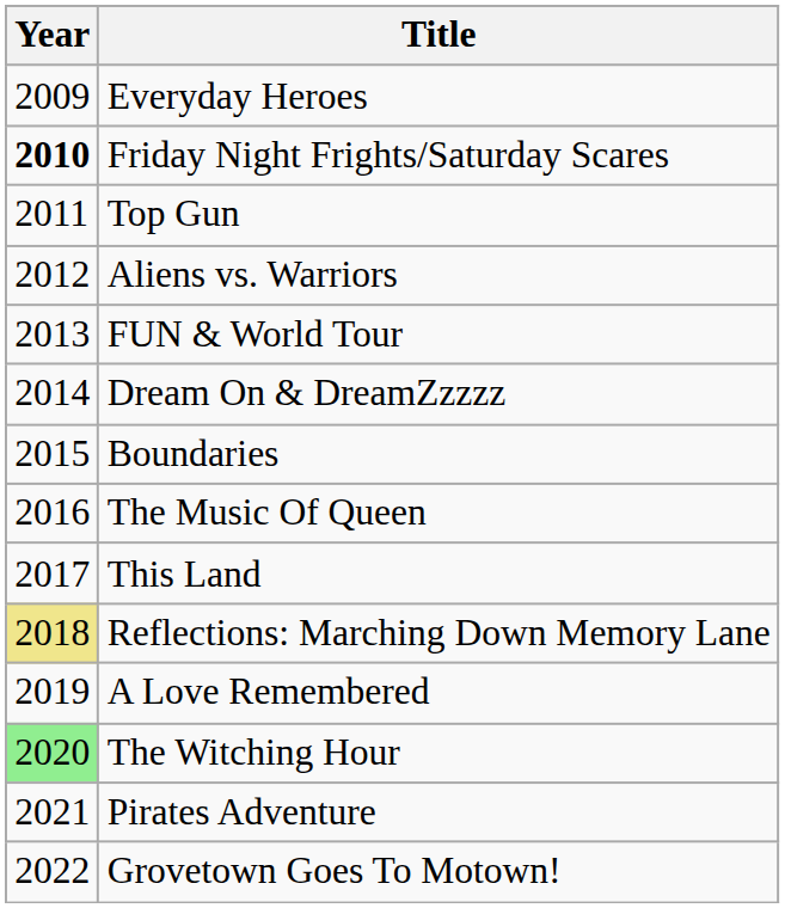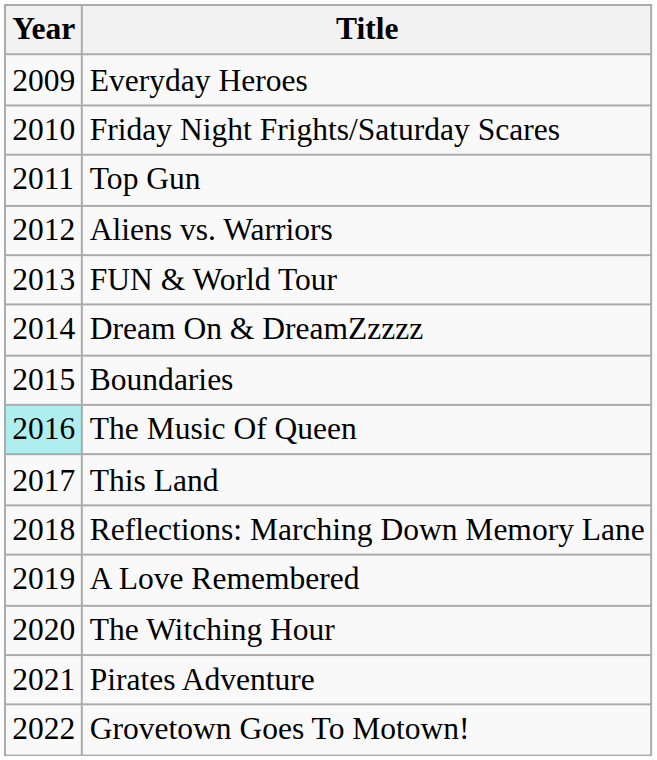 <table class="wikitable">
 <tr>
 <th>Year</th>
 <th>Title</th>
 </tr>
 <tr>
 <td>2009</td>
 <td>Everyday Heroes</td>
 </tr>
 <tr>
-<td><strong>2010</strong></td>
+<td>2010</td>
 <td>Friday Night Frights/Saturday Scares</td>
 </tr>
 <tr>
 <td>2011</td>
 <td>Top Gun</td>
 </tr>
 <tr>
 <td>2012</td>
 <td>Aliens vs. Warriors</td>
 </tr>
 <tr>
 <td>2013</td>
 <td>FUN & World Tour</td>
 </tr>
 <tr>
 <td>2014</td>
 <td>Dream On & DreamZzzzz</td>
 </tr>
 <tr>
 <td>2015</td>
 <td>Boundaries</td>
 </tr>
 <tr>
-<td>2016</td>
+<td style="background: paleturquoise;">2016</td>
 <td>The Music Of Queen</td>
 </tr>
 <tr>
 <td>2017</td>
 <td>This Land</td>
 </tr>
 <tr>
-<td style="background: khaki;">2018</td>
+<td>2018</td>
 <td>Reflections: Marching Down Memory Lane</td>
 </tr>
 <tr>
 <td>2019</td>
 <td>A Love Remembered</td>
 </tr>
 <tr>
-<td style="background: lightgreen;">2020</td>
+<td>2020</td>
 <td>The Witching Hour</td>
 </tr>
 <tr>
 <td>2021</td>
 <td>Pirates Adventure</td>
 </tr>
 <tr>
 <td>2022</td>
 <td>Grovetown Goes To Motown!</td>
 </tr>
 </table>
